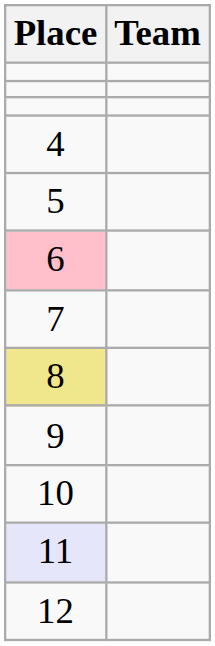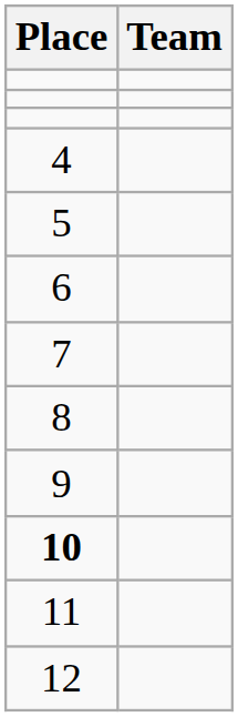 <table class="wikitable">
 <tr>
 <th>Place</th>
 <th>Team</th>
 </tr>
 <tr>
 <td align=center></td>
 <td></td>
 </tr>
 <tr>
 <td align=center></td>
 <td></td>
 </tr>
 <tr>
 <td align=center></td>
 <td></td>
 </tr>
 <tr>
 <td align=center>4</td>
 <td></td>
 </tr>
 <tr>
 <td align=center>5</td>
 <td></td>
 </tr>
 <tr>
-<td align=center style="background: pink;">6</td>
+<td align=center>6</td>
 <td></td>
 </tr>
 <tr>
 <td align=center>7</td>
 <td></td>
 </tr>
 <tr>
-<td align=center style="background: khaki;">8</td>
+<td align=center>8</td>
 <td></td>
 </tr>
 <tr>
 <td align=center>9</td>
 <td></td>
 </tr>
 <tr>
-<td align=center>10</td>
+<td align=center><strong>10</strong></td>
 <td></td>
 </tr>
 <tr>
-<td align=center style="background: lavender;">11</td>
+<td align=center>11</td>
 <td></td>
 </tr>
 <tr>
 <td align=center>12</td>
 <td></td>
 </tr>
 </table>
